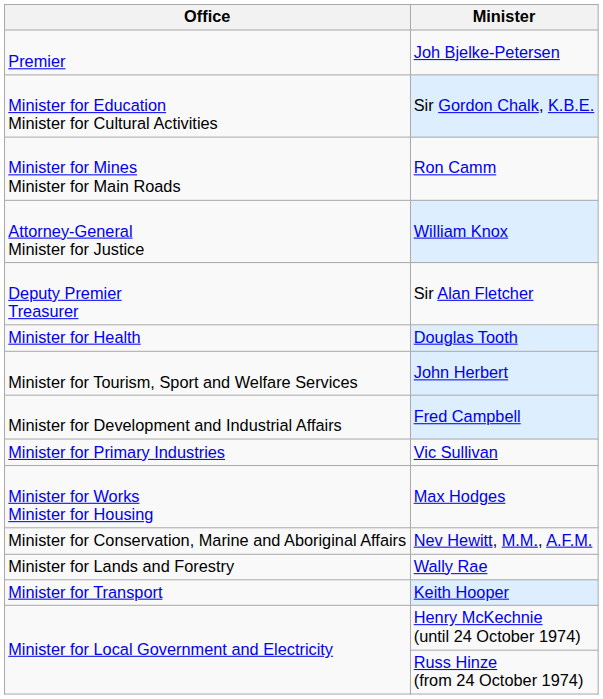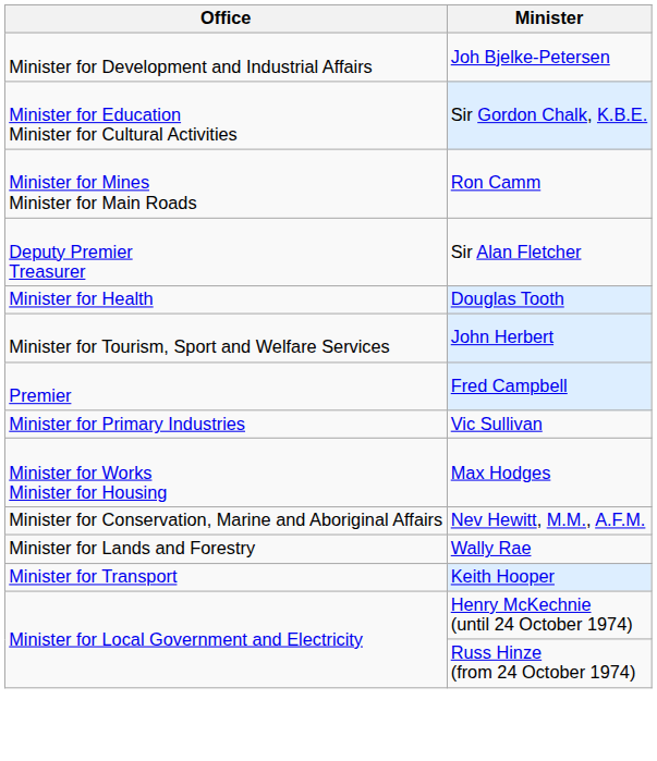 <table class="wikitable">
 <tr>
 <th>Office</th>
 <th>Minister</th>
 </tr>
 <tr>
-<td><br><a href='#'>Premier</a></td>
+<td><br>Minister for Development and Industrial Affairs</td>
 <td><a href='#'>Joh Bjelke-Petersen</a></td>
 </tr>
 <tr>
 <td><br><a href='#'>Minister for Education</a><br> Minister for Cultural Activities</td>
 <td style="background:#DDEEFF">Sir <a href='#'>Gordon Chalk</a>, <a href='#'>K.B.E.</a></td>
 </tr>
 <tr>
 <td><br><a href='#'>Minister for Mines</a><br> Minister for Main Roads</td>
 <td><a href='#'>Ron Camm</a></td>
-</tr>
-<tr>
-<td><br><a href='#'>Attorney-General</a><br> Minister for Justice</td>
-<td style="background:#DDEEFF"><a href='#'>William Knox</a></td>
 </tr>
 <tr>
 <td><br><a href='#'>Deputy Premier</a><br> <a href='#'>Treasurer</a></td>
 <td>Sir <a href='#'>Alan Fletcher</a></td>
 </tr>
 <tr>
 <td><a href='#'>Minister for Health</a></td>
 <td style="background:#DDEEFF"><a href='#'>Douglas Tooth</a></td>
 </tr>
 <tr>
 <td><br>Minister for Tourism, Sport and Welfare Services</td>
 <td style="background:#DDEEFF"><a href='#'>John Herbert</a></td>
 </tr>
 <tr>
-<td><br>Minister for Development and Industrial Affairs</td>
+<td><br><a href='#'>Premier</a></td>
 <td style="background:#DDEEFF"><a href='#'>Fred Campbell</a></td>
 </tr>
 <tr>
 <td><a href='#'>Minister for Primary Industries</a></td>
 <td><a href='#'>Vic Sullivan</a></td>
 </tr>
 <tr>
 <td><br><a href='#'>Minister for Works</a><br> <a href='#'>Minister for Housing</a></td>
 <td><a href='#'>Max Hodges</a></td>
 </tr>
 <tr>
 <td>Minister for Conservation, Marine and Aboriginal Affairs</td>
 <td><a href='#'>Nev Hewitt</a>, <a href='#'>M.M.</a>, <a href='#'>A.F.M.</a></td>
 </tr>
 <tr>
 <td>Minister for Lands and Forestry</td>
 <td><a href='#'>Wally Rae</a></td>
 </tr>
 <tr>
 <td><a href='#'>Minister for Transport</a></td>
 <td style="background:#DDEEFF"><a href='#'>Keith Hooper</a></td>
 </tr>
 <tr>
 <td rowspan=2><a href='#'>Minister for Local Government and Electricity</a><br></td>
 <td><a href='#'>Henry McKechnie</a><br>(until 24 October 1974)</td>
 </tr>
 <tr>
 <td><a href='#'>Russ Hinze</a><br>(from 24 October 1974)</td>
 </tr>
 </table>
